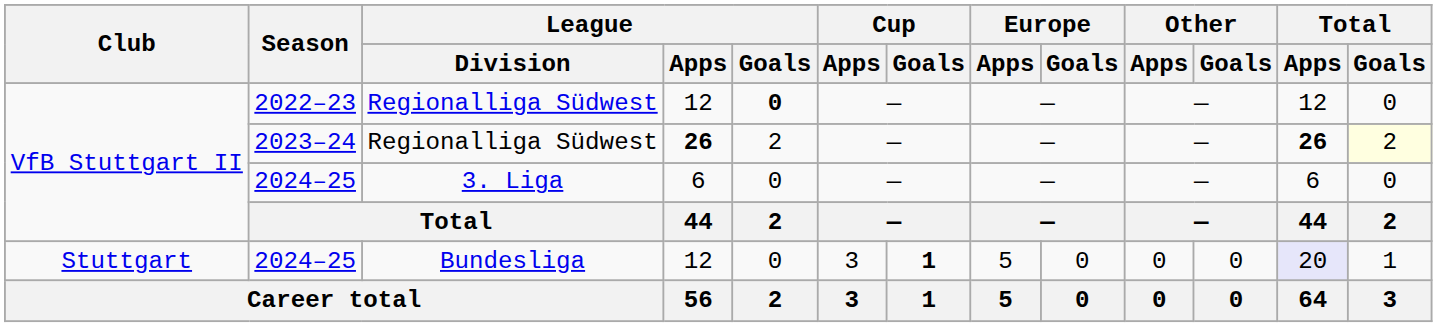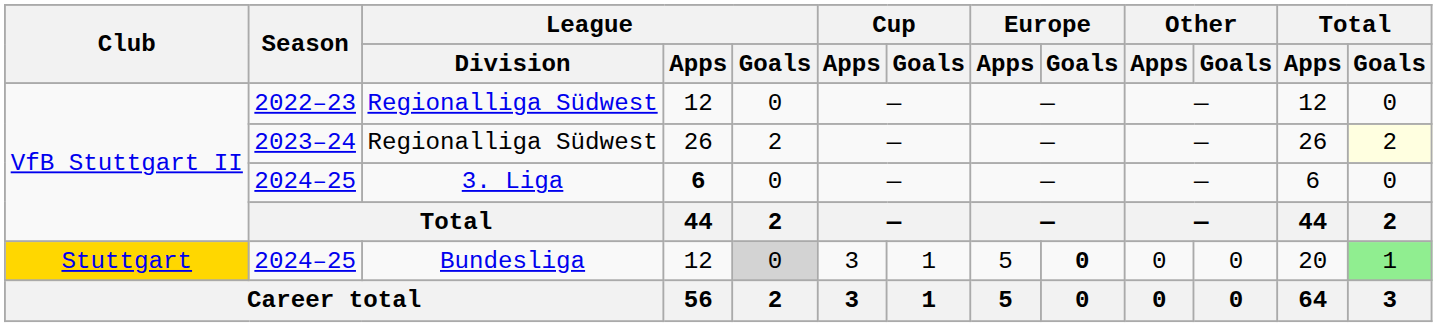 <table class="wikitable" style="text-align:center">
 <tr>
 <th rowspan="2">Club</th>
 <th rowspan="2">Season</th>
 <th colspan="3">League</th>
 <th colspan="2">Cup</th>
 <th colspan="2">Europe</th>
 <th colspan="2">Other</th>
 <th colspan="2">Total</th>
 </tr>
 <tr>
 <th>Division</th>
 <th>Apps</th>
 <th>Goals</th>
 <th>Apps</th>
 <th>Goals</th>
 <th>Apps</th>
 <th>Goals</th>
 <th>Apps</th>
 <th>Goals</th>
 <th>Apps</th>
 <th>Goals</th>
 </tr>
 <tr>
 <td rowspan="4"><a href='#'>VfB Stuttgart II</a></td>
 <td><a href='#'>2022–23</a></td>
 <td><a href='#'>Regionalliga Südwest</a></td>
 <td>12</td>
-<td><strong>0</strong></td>
+<td>0</td>
 <td colspan="2">—</td>
 <td colspan="2">—</td>
 <td colspan="2">—</td>
 <td>12</td>
 <td>0</td>
 </tr>
 <tr>
 <td><a href='#'>2023–24</a></td>
 <td>Regionalliga Südwest</td>
-<td><strong>26</strong></td>
+<td>26</td>
 <td>2</td>
 <td colspan="2">—</td>
 <td colspan="2">—</td>
 <td colspan="2">—</td>
-<td><strong>26</strong></td>
+<td>26</td>
 <td style="background: lightyellow;">2</td>
 </tr>
 <tr>
 <td><a href='#'>2024–25</a></td>
 <td><a href='#'>3. Liga</a></td>
-<td>6</td>
+<td><strong>6</strong></td>
 <td>0</td>
 <td colspan="2">—</td>
 <td colspan="2">—</td>
 <td colspan="2">—</td>
 <td>6</td>
 <td>0</td>
 </tr>
 <tr>
 <th colspan="2">Total</th>
 <th>44</th>
 <th>2</th>
 <th colspan="2">—</th>
 <th colspan="2">—</th>
 <th colspan="2">—</th>
 <th>44</th>
 <th>2</th>
 </tr>
 <tr>
-<td><a href='#'>Stuttgart</a></td>
+<td style="background: gold;"><a href='#'>Stuttgart</a></td>
 <td><a href='#'>2024–25</a></td>
 <td><a href='#'>Bundesliga</a></td>
 <td>12</td>
-<td>0</td>
+<td style="background: lightgrey;">0</td>
 <td>3</td>
-<td><strong>1</strong></td>
+<td>1</td>
 <td>5</td>
+<td><strong>0</strong></td>
 <td>0</td>
 <td>0</td>
-<td>0</td>
-<td style="background: lavender;">20</td>
-<td>1</td>
+<td>20</td>
+<td style="background: lightgreen;">1</td>
 </tr>
 <tr>
 <th colspan="3">Career total</th>
 <th>56</th>
 <th>2</th>
 <th>3</th>
 <th>1</th>
 <th>5</th>
 <th>0</th>
 <th>0</th>
 <th>0</th>
 <th>64</th>
 <th>3</th>
 </tr>
 </table>
